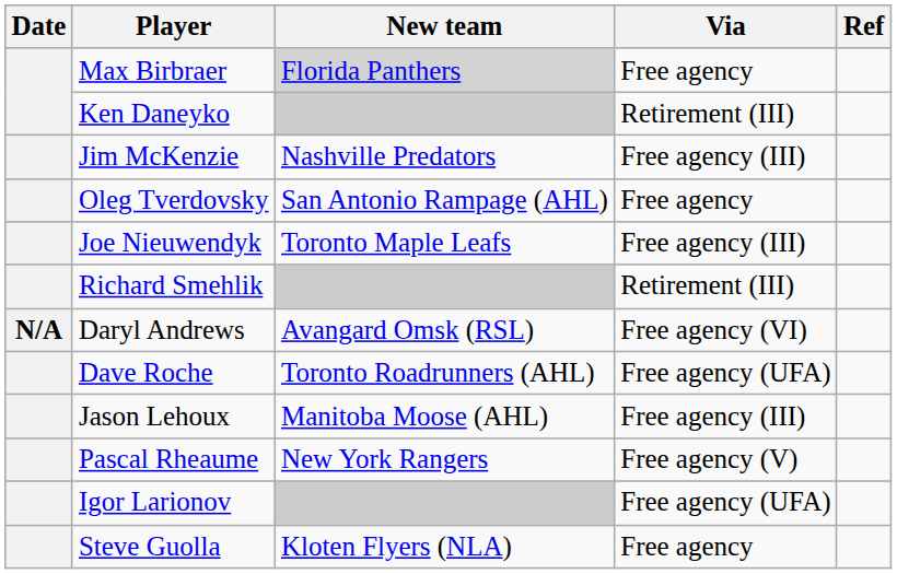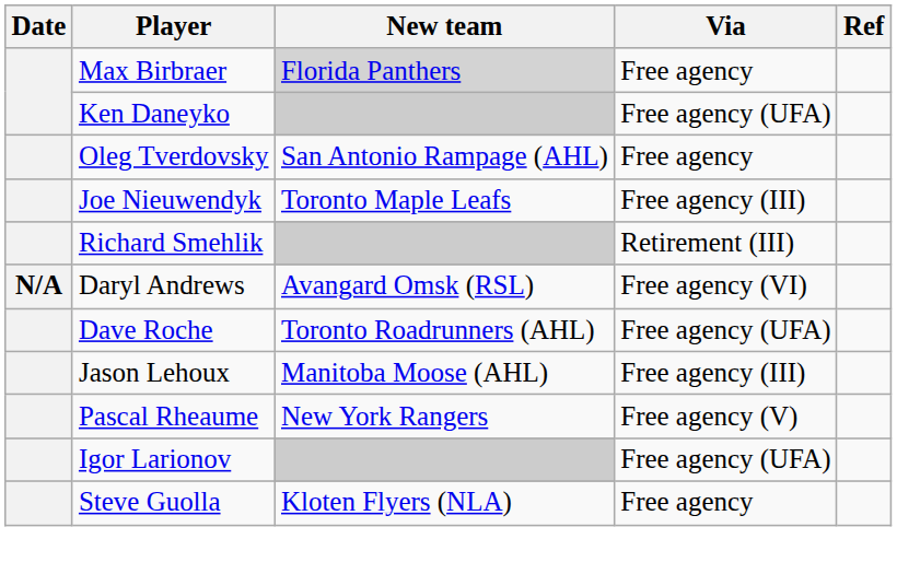 <table class="wikitable plainrowheaders">
 <tr style="background:#ddd; text-align:center;">
 <th>Date</th>
 <th>Player</th>
 <th>New team</th>
 <th>Via</th>
 <th>Ref</th>
 </tr>
 <tr>
 <th scope="row" rowspan=2></th>
 <td><a href='#'>Max Birbraer</a></td>
 <td style="background: lightgrey;"><a href='#'>Florida Panthers</a></td>
 <td>Free agency</td>
 <td></td>
 </tr>
 <tr>
 <td><a href='#'>Ken Daneyko</a></td>
 <td style="background:#ccc"></td>
-<td>Retirement (III)</td>
-<td></td>
-</tr>
-<tr>
-<th scope="row"></th>
-<td><a href='#'>Jim McKenzie</a></td>
-<td><a href='#'>Nashville Predators</a></td>
-<td>Free agency (III)</td>
+<td>Free agency (UFA)</td>
 <td></td>
 </tr>
 <tr>
 <th scope="row"></th>
 <td><a href='#'>Oleg Tverdovsky</a></td>
 <td><a href='#'>San Antonio Rampage</a> (<a href='#'>AHL</a>)</td>
 <td>Free agency</td>
 <td></td>
 </tr>
 <tr>
 <th scope="row"></th>
 <td><a href='#'>Joe Nieuwendyk</a></td>
 <td><a href='#'>Toronto Maple Leafs</a></td>
 <td>Free agency (III)</td>
 <td></td>
 </tr>
 <tr>
 <th scope="row"></th>
 <td><a href='#'>Richard Smehlik</a></td>
 <td style="background:#ccc"></td>
 <td>Retirement (III)</td>
 <td></td>
 </tr>
 <tr>
 <th scope="row">N/A</th>
 <td>Daryl Andrews</td>
 <td><a href='#'>Avangard Omsk</a> (<a href='#'>RSL</a>)</td>
 <td>Free agency (VI)</td>
 <td></td>
 </tr>
 <tr>
 <th scope="row"></th>
 <td><a href='#'>Dave Roche</a></td>
 <td><a href='#'>Toronto Roadrunners</a> (AHL)</td>
 <td>Free agency (UFA)</td>
 <td></td>
 </tr>
 <tr>
 <th scope="row"></th>
 <td>Jason Lehoux</td>
 <td><a href='#'>Manitoba Moose</a> (AHL)</td>
 <td>Free agency (III)</td>
 <td></td>
 </tr>
 <tr>
 <th scope="row"></th>
 <td><a href='#'>Pascal Rheaume</a></td>
 <td><a href='#'>New York Rangers</a></td>
 <td>Free agency (V)</td>
 <td></td>
 </tr>
 <tr>
 <th scope="row"></th>
 <td><a href='#'>Igor Larionov</a></td>
 <td style="background:#ccc"></td>
 <td>Free agency (UFA)</td>
 <td></td>
 </tr>
 <tr>
 <th scope="row"></th>
 <td><a href='#'>Steve Guolla</a></td>
 <td><a href='#'>Kloten Flyers</a> (<a href='#'>NLA</a>)</td>
 <td>Free agency</td>
 <td></td>
 </tr>
 </table>
